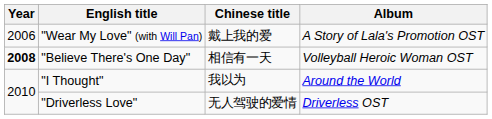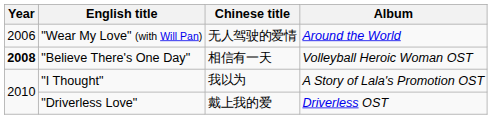 <table class="wikitable sortable">
 <tr>
 <th>Year</th>
 <th>English title</th>
 <th>Chinese title</th>
 <th>Album</th>
 </tr>
 <tr>
 <td>2006</td>
 <td>"Wear My Love" <small>(with <a href='#'>Will Pan</a>)</small></td>
-<td>戴上我的爱</td>
-<td><em>A Story of Lala's Promotion OST </em></td>
+<td>无人驾驶的爱情</td>
+<td><em><a href='#'>Around the World</a></em></td>
 </tr>
 <tr>
 <td><strong>2008</strong></td>
 <td>"Believe There's One Day"</td>
 <td>相信有一天</td>
 <td><em>Volleyball Heroic Woman OST</em></td>
 </tr>
 <tr>
 <td rowspan=2>2010</td>
 <td>"I Thought"</td>
 <td>我以为</td>
-<td><em><a href='#'>Around the World</a></em></td>
+<td><em>A Story of Lala's Promotion OST </em></td>
 </tr>
 <tr>
 <td>"Driverless Love"</td>
-<td>无人驾驶的爱情</td>
+<td>戴上我的爱</td>
 <td><em><a href='#'>Driverless</a> OST</em></td>
 </tr>
 </table>
